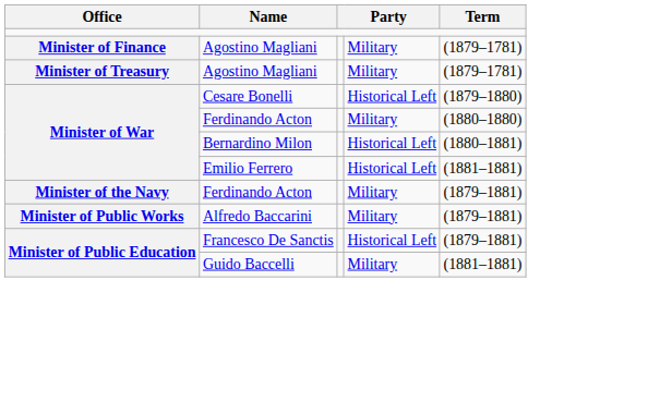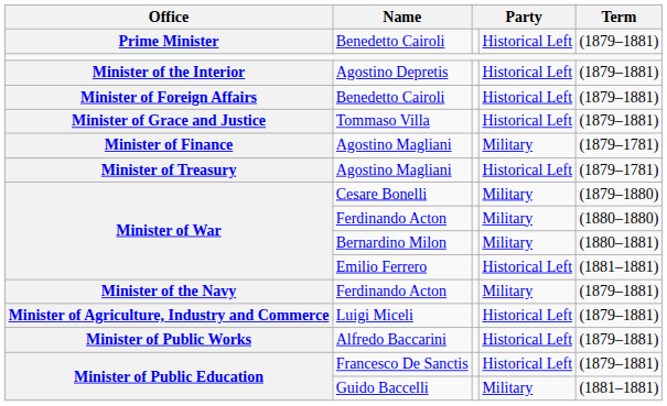 <table class="wikitable" style="font-size: 100%;">
 <tr>
 <th>Office</th>
 <th>Name</th>
 <th colspan=2>Party</th>
 <th>Term</th>
 </tr>
 <tr>
+<th><a href='#'>Prime Minister</a></th>
+<td><a href='#'>Benedetto Cairoli</a></td>
+<td style="color:inherit;background:"></td>
+<td><a href='#'>Historical Left</a></td>
+<td>(1879–1881)</td>
+</tr>
+<tr>
 <td colspan=5></td>
+</tr>
+<tr>
+<th><a href='#'>Minister of the Interior</a></th>
+<td><a href='#'>Agostino Depretis</a></td>
+<td style="color:inherit;background:"></td>
+<td><a href='#'>Historical Left</a></td>
+<td>(1879–1881)</td>
+</tr>
+<tr>
+<th><a href='#'>Minister of Foreign Affairs</a></th>
+<td><a href='#'>Benedetto Cairoli</a></td>
+<td style="color:inherit;background:"></td>
+<td><a href='#'>Historical Left</a></td>
+<td>(1879–1881)</td>
+</tr>
+<tr>
+<th><a href='#'>Minister of Grace and Justice</a></th>
+<td><a href='#'>Tommaso Villa</a></td>
+<td style="color:inherit;background:"></td>
+<td><a href='#'>Historical Left</a></td>
+<td>(1879–1881)</td>
 </tr>
 <tr>
 <th><a href='#'>Minister of Finance</a></th>
 <td><a href='#'>Agostino Magliani</a></td>
 <td style="color:inherit;background:"></td>
 <td><a href='#'>Military</a></td>
 <td>(1879–1781)</td>
 </tr>
 <tr>
 <th><a href='#'>Minister of Treasury</a></th>
 <td><a href='#'>Agostino Magliani</a></td>
 <td style="color:inherit;background:"></td>
-<td><a href='#'>Military</a></td>
+<td><a href='#'>Historical Left</a></td>
 <td>(1879–1781)</td>
 </tr>
 <tr>
 <th rowspan=4><a href='#'>Minister of War</a></th>
 <td><a href='#'>Cesare Bonelli</a></td>
 <td style="color:inherit;background:"></td>
-<td><a href='#'>Historical Left</a></td>
+<td><a href='#'>Military</a></td>
 <td>(1879–1880)</td>
 </tr>
 <tr>
 <td><a href='#'>Ferdinando Acton</a></td>
 <td style="color:inherit;background:"></td>
 <td><a href='#'>Military</a></td>
 <td>(1880–1880)</td>
 </tr>
 <tr>
 <td><a href='#'>Bernardino Milon</a></td>
 <td style="color:inherit;background:"></td>
-<td><a href='#'>Historical Left</a></td>
+<td><a href='#'>Military</a></td>
 <td>(1880–1881)</td>
 </tr>
 <tr>
 <td><a href='#'>Emilio Ferrero</a></td>
 <td style="color:inherit;background:"></td>
 <td><a href='#'>Historical Left</a></td>
 <td>(1881–1881)</td>
 </tr>
 <tr>
 <th><a href='#'>Minister of the Navy</a></th>
 <td><a href='#'>Ferdinando Acton</a></td>
 <td style="color:inherit;background:"></td>
 <td><a href='#'>Military</a></td>
 <td>(1879–1881)</td>
 </tr>
 <tr>
+<th><a href='#'>Minister of Agriculture, Industry and Commerce</a></th>
+<td><a href='#'>Luigi Miceli</a></td>
+<td style="color:inherit;background:"></td>
+<td><a href='#'>Historical Left</a></td>
+<td>(1879–1881)</td>
+</tr>
+<tr>
 <th><a href='#'>Minister of Public Works</a></th>
 <td><a href='#'>Alfredo Baccarini</a></td>
 <td style="color:inherit;background:"></td>
-<td><a href='#'>Military</a></td>
+<td><a href='#'>Historical Left</a></td>
 <td>(1879–1881)</td>
 </tr>
 <tr>
 <th rowspan=2><a href='#'>Minister of Public Education</a></th>
 <td><a href='#'>Francesco De Sanctis</a></td>
 <td style="color:inherit;background:"></td>
 <td><a href='#'>Historical Left</a></td>
 <td>(1879–1881)</td>
 </tr>
 <tr>
 <td><a href='#'>Guido Baccelli</a></td>
 <td style="color:inherit;background:"></td>
 <td><a href='#'>Military</a></td>
 <td>(1881–1881)</td>
 </tr>
 </table>
